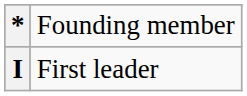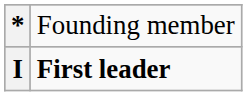 <table class="wikitable">
 <tr>
 <th>*</th>
 <td>Founding member</td>
 </tr>
 <tr>
 <th><strong>I</strong></th>
-<td>First leader</td>
+<td><strong>First leader</strong></td>
 </tr>
 </table>
